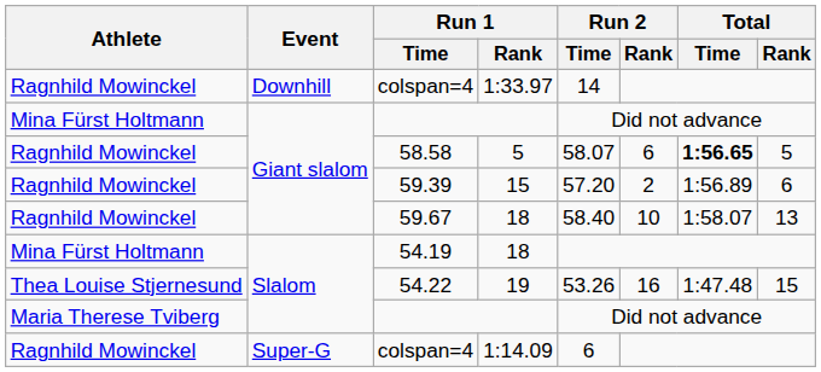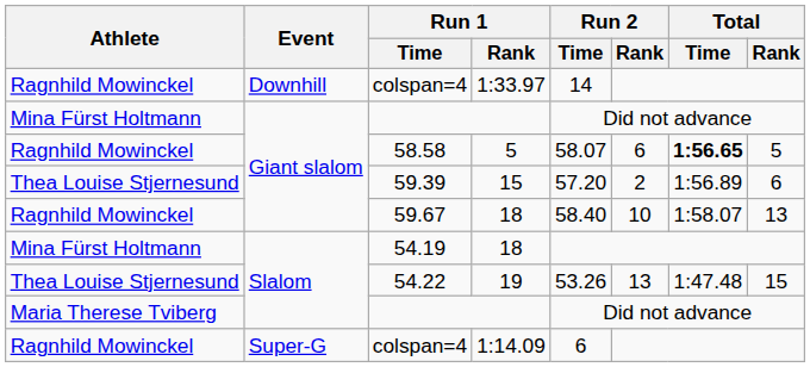 <table class=wikitable style="font-size:90%; text-align:center">
 <tr>
 <th rowspan=2>Athlete</th>
 <th rowspan=2>Event</th>
 <th colspan=2>Run 1</th>
 <th colspan=2>Run 2</th>
 <th colspan=2>Total</th>
 </tr>
 <tr style="font-size:95%">
 <th>Time</th>
 <th>Rank</th>
 <th>Time</th>
 <th>Rank</th>
 <th>Time</th>
 <th>Rank</th>
 </tr>
 <tr>
 <td align=left><a href='#'>Ragnhild Mowinckel</a></td>
 <td align=left><a href='#'>Downhill</a></td>
 <td>colspan=4 </td>
 <td>1:33.97</td>
 <td>14</td>
 </tr>
 <tr>
 <td align=left><a href='#'>Mina Fürst Holtmann</a></td>
 <td align=left rowspan=4><a href='#'>Giant slalom</a></td>
 <td colspan=2></td>
 <td colspan=4>Did not advance</td>
 </tr>
 <tr>
 <td align=left><a href='#'>Ragnhild Mowinckel</a></td>
 <td>58.58</td>
 <td>5</td>
 <td>58.07</td>
 <td>6</td>
 <td><strong>1:56.65</strong></td>
 <td>5</td>
 </tr>
 <tr>
-<td align=left><a href='#'>Ragnhild Mowinckel</a></td>
+<td align=left><a href='#'>Thea Louise Stjernesund</a></td>
 <td>59.39</td>
 <td>15</td>
 <td>57.20</td>
 <td>2</td>
 <td>1:56.89</td>
 <td>6</td>
 </tr>
 <tr>
 <td align=left><a href='#'>Ragnhild Mowinckel</a></td>
 <td>59.67</td>
 <td>18</td>
 <td>58.40</td>
 <td>10</td>
 <td>1:58.07</td>
 <td>13</td>
 </tr>
 <tr>
 <td align=left><a href='#'>Mina Fürst Holtmann</a></td>
 <td align=left rowspan=3><a href='#'>Slalom</a></td>
 <td>54.19</td>
 <td>18</td>
 <td colspan=4></td>
 </tr>
 <tr>
 <td align=left><a href='#'>Thea Louise Stjernesund</a></td>
 <td>54.22</td>
 <td>19</td>
 <td>53.26</td>
-<td>16</td>
+<td>13</td>
 <td>1:47.48</td>
 <td>15</td>
 </tr>
 <tr>
 <td align=left><a href='#'>Maria Therese Tviberg</a></td>
 <td colspan=2></td>
 <td colspan=4>Did not advance</td>
 </tr>
 <tr>
 <td align=left><a href='#'>Ragnhild Mowinckel</a></td>
 <td align=left><a href='#'>Super-G</a></td>
 <td>colspan=4 </td>
 <td>1:14.09</td>
 <td>6</td>
 </tr>
 </table>
